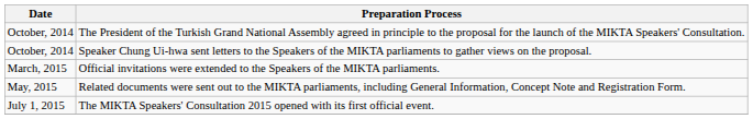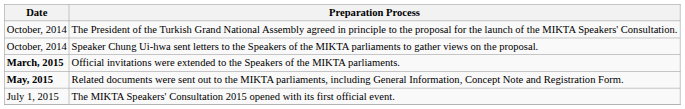 <table class="wikitable">
 <tr>
 <th>Date</th>
 <th>Preparation Process</th>
 </tr>
 <tr>
 <td>October, 2014</td>
 <td>The President of the Turkish Grand National Assembly agreed in principle to the proposal for the launch of the MIKTA Speakers' Consultation.</td>
 </tr>
 <tr>
 <td>October, 2014</td>
 <td>Speaker Chung Ui-hwa sent letters to the Speakers of the MIKTA parliaments to gather views on the proposal.</td>
 </tr>
 <tr>
-<td>March, 2015</td>
+<td><strong>March, 2015</strong></td>
 <td>Official invitations were extended to the Speakers of the MIKTA parliaments.</td>
 </tr>
 <tr>
-<td>May, 2015</td>
+<td><strong>May, 2015</strong></td>
 <td>Related documents were sent out to the MIKTA parliaments, including General Information, Concept Note and Registration Form.</td>
 </tr>
 <tr>
 <td>July 1, 2015</td>
 <td>The MIKTA Speakers' Consultation 2015 opened with its first official event.</td>
 </tr>
 <tr>
 </tr>
 </table>
